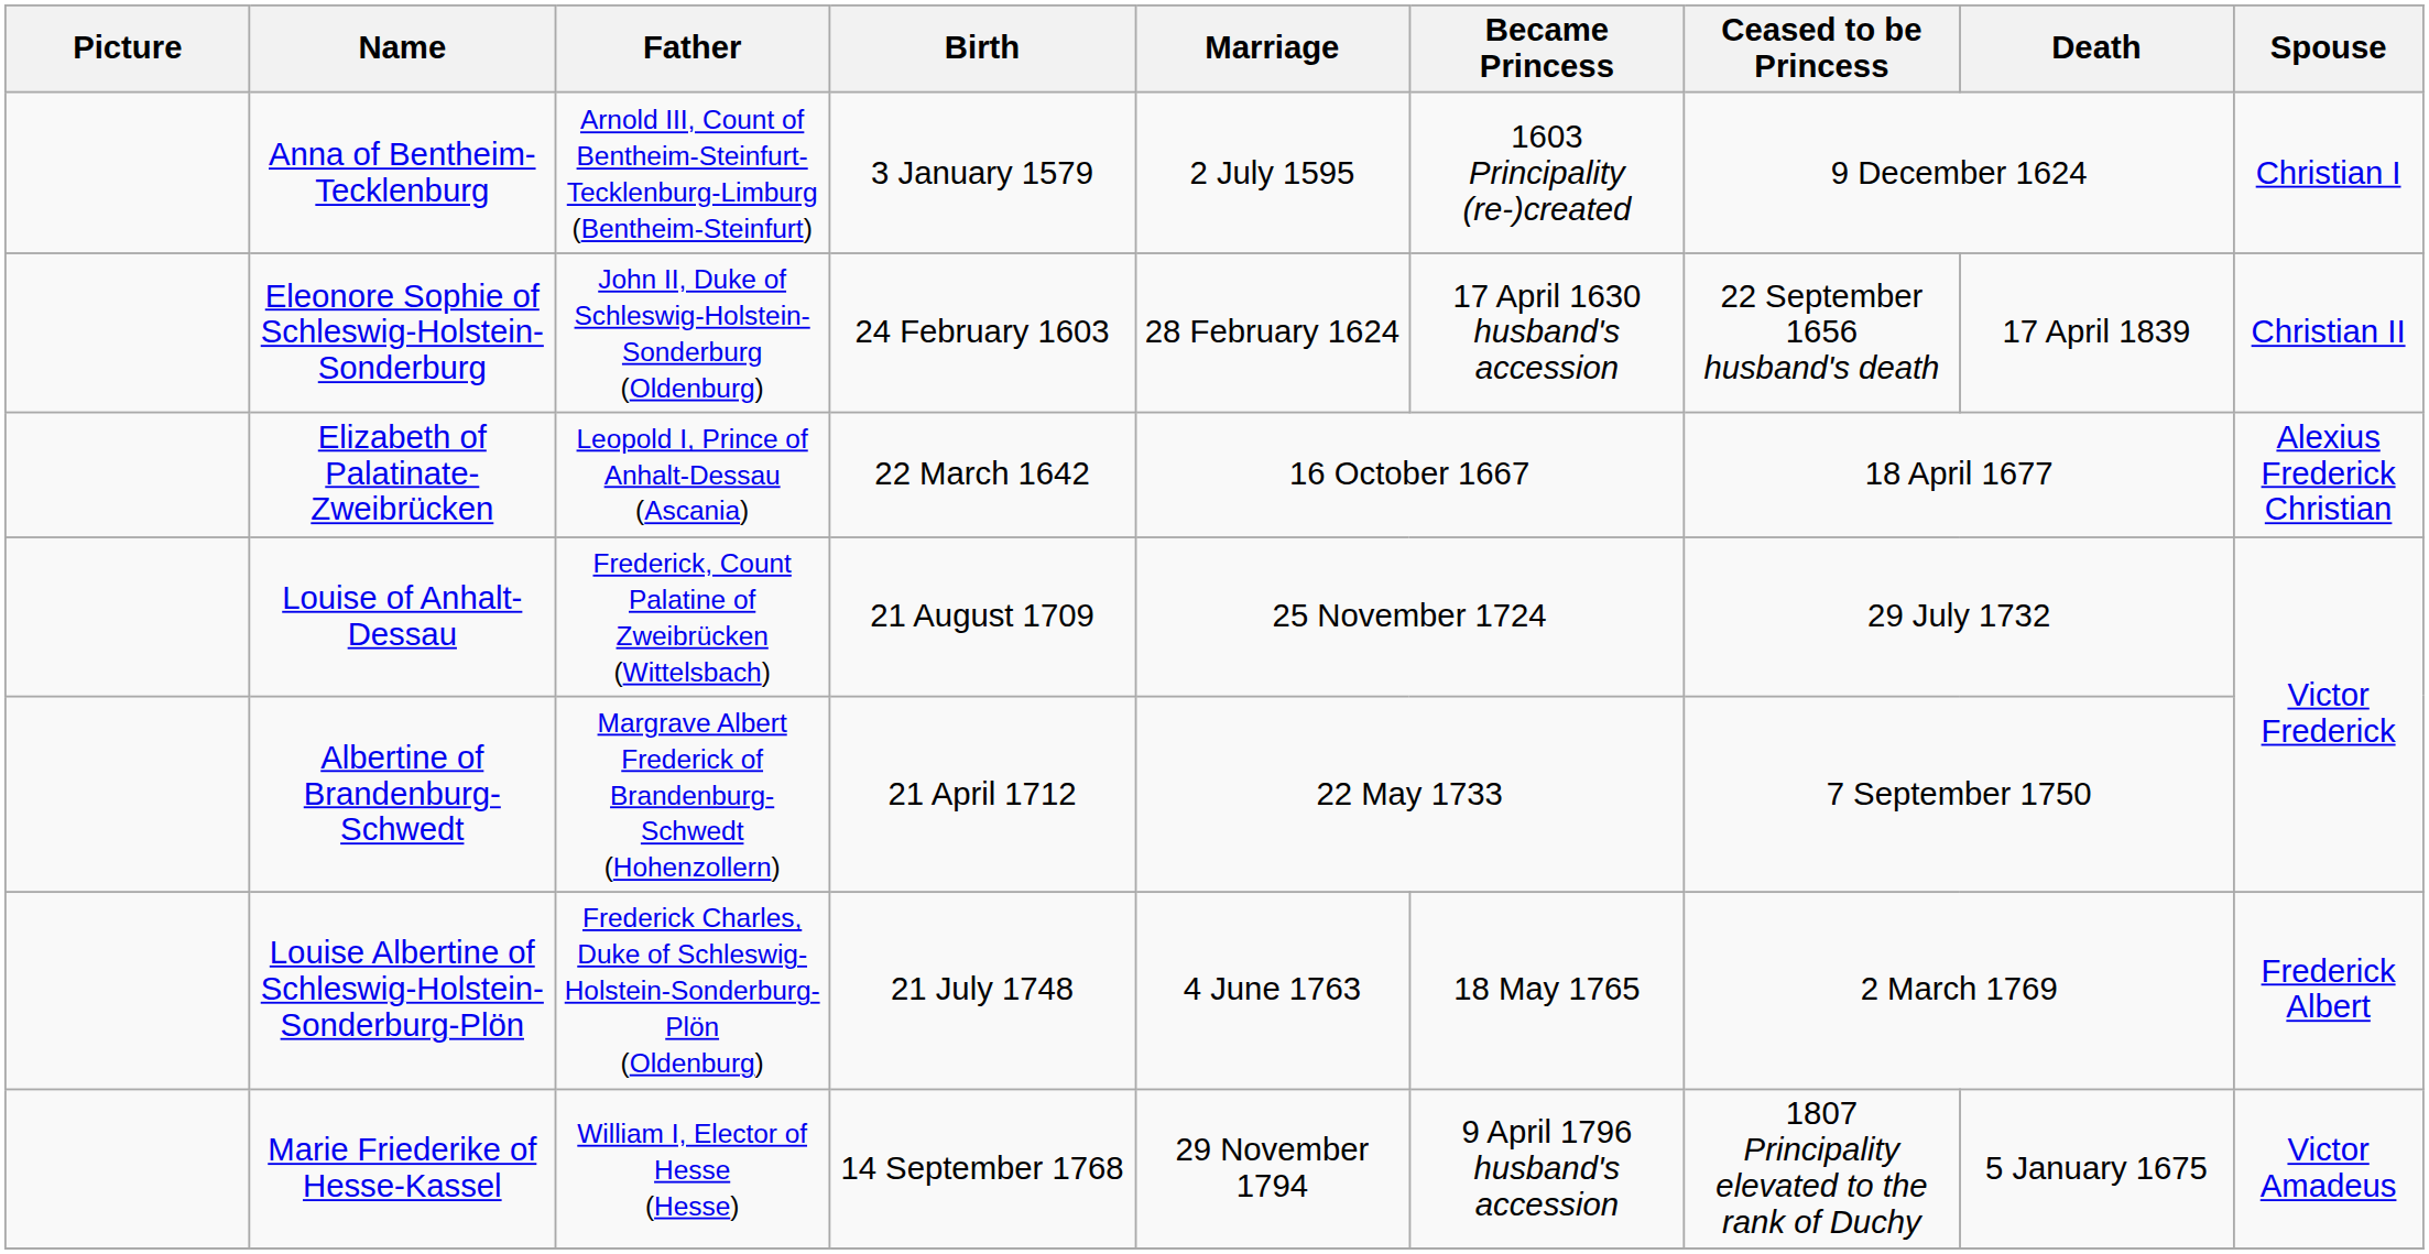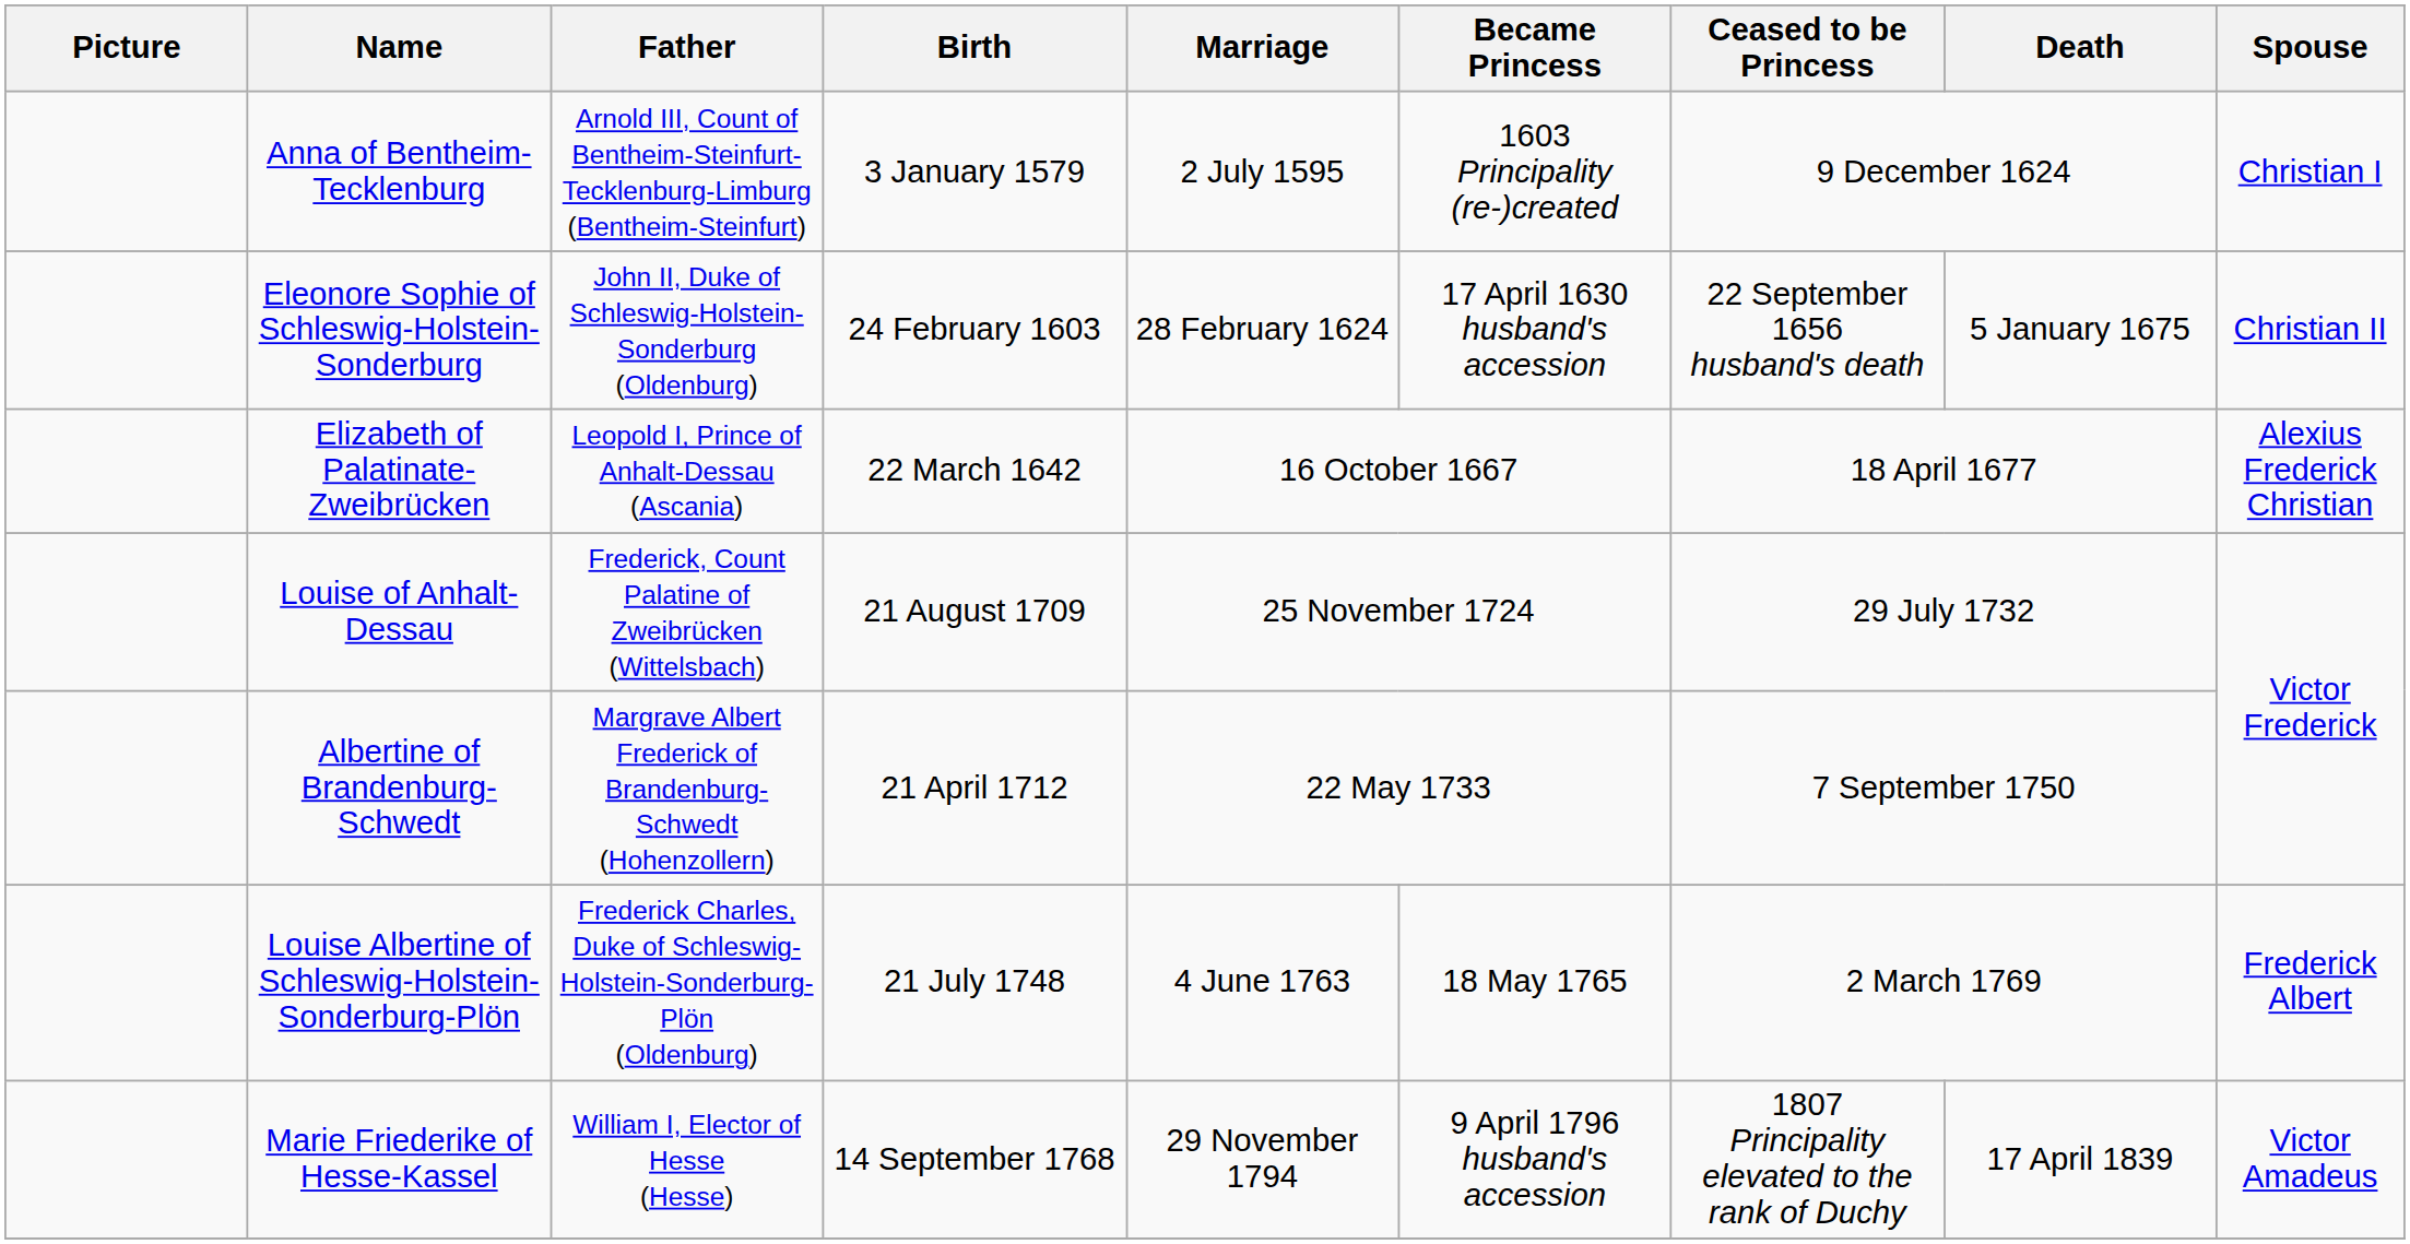 <table width=95% class="wikitable">
 <tr>
 <th width = "8%">Picture</th>
 <th width = "10%">Name</th>
 <th width = "9%">Father</th>
 <th width = "10%">Birth</th>
 <th width = "9%">Marriage</th>
 <th width = "9%">Became Princess</th>
 <th width = "9%">Ceased to be Princess</th>
 <th width = "9%">Death</th>
 <th width = "6%">Spouse</th>
 </tr>
 <tr>
 <td align="center"></td>
 <td align="center"><a href='#'>Anna of Bentheim-Tecklenburg</a></td>
 <td align="center"><small><a href='#'>Arnold III, Count of Bentheim-Steinfurt-Tecklenburg-Limburg</a><br>(<a href='#'>Bentheim-Steinfurt</a>)</small></td>
 <td align="center">3 January 1579</td>
 <td align="center">2 July 1595</td>
 <td align="center">1603<br><em>Principality (re-)created</em></td>
 <td align="center" colspan="2">9 December 1624</td>
 <td align="center"><a href='#'>Christian I</a></td>
 </tr>
 <tr>
 <td align="center"></td>
 <td align="center"><a href='#'>Eleonore Sophie of Schleswig-Holstein-Sonderburg</a></td>
 <td align="center"><small><a href='#'>John II, Duke of Schleswig-Holstein-Sonderburg</a><br>(<a href='#'>Oldenburg</a>)</small></td>
 <td align="center">24 February 1603</td>
 <td align="center">28 February 1624</td>
 <td align="center">17 April 1630<br><em>husband's accession</em></td>
 <td align="center">22 September 1656<br><em>husband's death</em></td>
-<td align="center">17 April 1839</td>
+<td align="center">5 January 1675</td>
 <td align="center"><a href='#'>Christian II</a></td>
 </tr>
 <tr>
 <td align="center"></td>
 <td align="center"><a href='#'>Elizabeth of Palatinate-Zweibrücken</a></td>
 <td align="center"><small><a href='#'>Leopold I, Prince of Anhalt-Dessau</a><br>(<a href='#'>Ascania</a>)</small></td>
 <td align="center">22 March 1642</td>
 <td align="center" colspan="2">16 October 1667</td>
 <td align="center" colspan="2">18 April 1677</td>
 <td align="center"><a href='#'>Alexius Frederick Christian</a></td>
 </tr>
 <tr>
 <td align="center"></td>
 <td align="center"><a href='#'>Louise of Anhalt-Dessau</a></td>
 <td align="center"><small><a href='#'>Frederick, Count Palatine of Zweibrücken</a><br>(<a href='#'>Wittelsbach</a>)</small></td>
 <td align="center">21 August 1709</td>
 <td align="center" colspan="2">25 November 1724</td>
 <td align="center" colspan="2">29 July 1732</td>
 <td align="center" rowspan="2"><a href='#'>Victor Frederick</a></td>
 </tr>
 <tr>
 <td align="center"></td>
 <td align="center"><a href='#'>Albertine of Brandenburg-Schwedt</a></td>
 <td align="center"><small><a href='#'>Margrave Albert Frederick of Brandenburg-Schwedt</a><br>(<a href='#'>Hohenzollern</a>)</small></td>
 <td align="center">21 April 1712</td>
 <td align="center" colspan="2">22 May 1733</td>
 <td align="center" colspan="2">7 September 1750</td>
 </tr>
 <tr>
 <td align="center"></td>
 <td align="center"><a href='#'>Louise Albertine of Schleswig-Holstein-Sonderburg-Plön</a></td>
 <td align="center"><small><a href='#'>Frederick Charles, Duke of Schleswig-Holstein-Sonderburg-Plön</a><br>(<a href='#'>Oldenburg</a>)</small></td>
 <td align="center">21 July 1748</td>
 <td align="center">4 June 1763</td>
 <td align="center">18 May 1765</td>
 <td align="center" colspan="2">2 March 1769</td>
 <td align="center"><a href='#'>Frederick Albert</a></td>
 </tr>
 <tr>
 <td align="center"></td>
 <td align="center"><a href='#'>Marie Friederike of Hesse-Kassel</a></td>
 <td align="center"><small><a href='#'>William I, Elector of Hesse</a><br>(<a href='#'>Hesse</a>)</small></td>
 <td align="center">14 September 1768</td>
 <td align="center">29 November 1794</td>
 <td align="center">9 April 1796<br><em>husband's accession</em></td>
 <td align="center">1807<br><em>Principality elevated to the rank of Duchy</em></td>
-<td align="center">5 January 1675</td>
+<td align="center">17 April 1839</td>
 <td align="center"><a href='#'>Victor Amadeus</a></td>
 </tr>
 <tr>
 </tr>
 </table>
